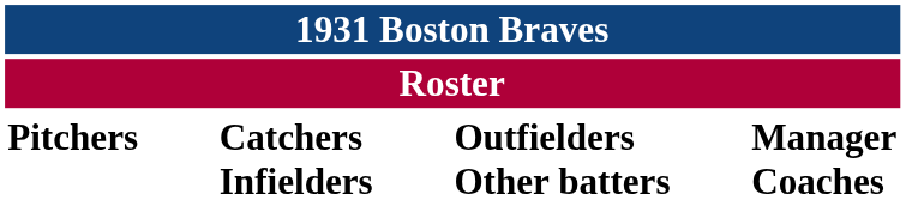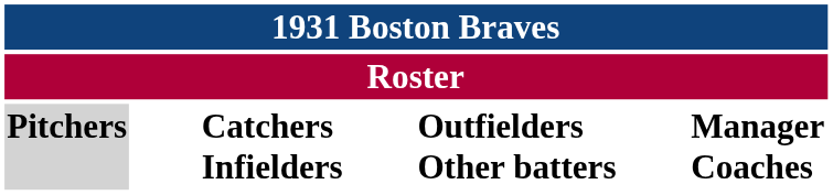 <table class="toccolours" style="font-size: 95%;">
 <tr>
 <th colspan="10" style="background-color: #0f437c; color: white; text-align: center;">1931 Boston Braves</th>
 </tr>
 <tr>
 <td colspan="10" style="background-color:#af0039; color: white; text-align: center;"><strong>Roster</strong></td>
 </tr>
 <tr>
-<td valign="top"><strong>Pitchers</strong><br>          </td>
+<td valign="top" style="background: lightgrey;"><strong>Pitchers</strong><br>          </td>
 <td width="25px"></td>
 <td valign="top"><strong>Catchers</strong><br>   <strong>Infielders</strong>          </td>
 <td width="25px"></td>
 <td valign="top"><strong>Outfielders</strong><br>      <strong>Other batters</strong>  </td>
 <td width="25px"></td>
 <td valign="top"><strong>Manager</strong><br> <strong>Coaches</strong> </td>
 </tr>
 </table>
